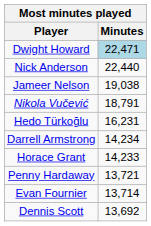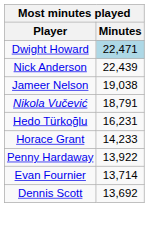 <table class="wikitable sortable" style="text-align:center">
 <tr>
 <th colspan="2" style="text-align:center; ">Most minutes played</th>
 </tr>
 <tr>
 <th style="text-align:center; ">Player</th>
 <th style="text-align:center; ">Minutes</th>
 </tr>
 <tr>
 <td><a href='#'>Dwight Howard</a></td>
 <td style="background: lightblue;">22,471</td>
 </tr>
 <tr>
 <td><a href='#'>Nick Anderson</a></td>
-<td>22,440</td>
+<td>22,439</td>
 </tr>
 <tr>
 <td><a href='#'>Jameer Nelson</a></td>
 <td>19,038</td>
 </tr>
 <tr>
 <td><em><a href='#'>Nikola Vučević</a></em></td>
 <td>18,791</td>
 </tr>
 <tr>
 <td><a href='#'>Hedo Türkoğlu</a></td>
 <td>16,231</td>
 </tr>
 <tr>
-<td><a href='#'>Darrell Armstrong</a></td>
-<td>14,234</td>
-</tr>
-<tr>
 <td><a href='#'>Horace Grant</a></td>
 <td>14,233</td>
 </tr>
 <tr>
 <td><a href='#'>Penny Hardaway</a></td>
-<td>13,721</td>
+<td>13,922</td>
 </tr>
 <tr>
 <td><a href='#'>Evan Fournier</a></td>
 <td>13,714</td>
 </tr>
 <tr>
 <td><a href='#'>Dennis Scott</a></td>
 <td>13,692</td>
 </tr>
 </table>
